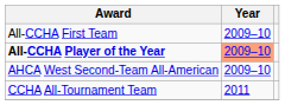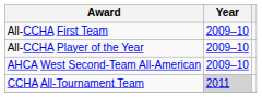 <table class="wikitable">
 <tr>
 <th>Award</th>
 <th>Year</th>
 <th></th>
 </tr>
 <tr>
 <td>All-<a href='#'>CCHA</a> <a href='#'>First Team</a></td>
 <td><a href='#'>2009–10</a></td>
 <td></td>
 </tr>
 <tr>
-<td><strong>All-<a href='#'>CCHA</a> <a href='#'>Player of the Year</a></strong></td>
-<td style="background: lightsalmon;"><a href='#'>2009–10</a></td>
+<td>All-<a href='#'>CCHA</a> <a href='#'>Player of the Year</a></td>
+<td><a href='#'>2009–10</a></td>
 <td></td>
 </tr>
 <tr>
 <td><a href='#'>AHCA</a> <a href='#'>West Second-Team All-American</a></td>
 <td><a href='#'>2009–10</a></td>
 <td></td>
 </tr>
 <tr>
 <td><a href='#'>CCHA</a> <a href='#'>All-Tournament Team</a></td>
-<td><a href='#'>2011</a></td>
+<td style="background: lightgrey;"><a href='#'>2011</a></td>
 <td></td>
 </tr>
 <tr>
 </tr>
 </table>
